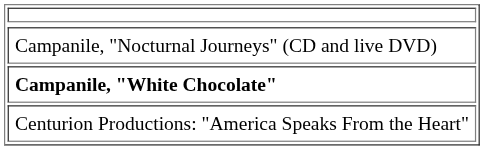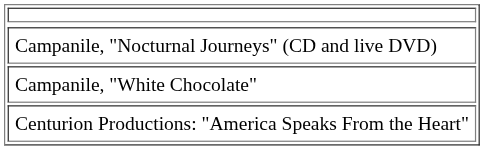 <table border="1" cellpadding="5" colspan="2">
 <tr>
 <th></th>
 </tr>
 <tr>
 </tr>
 <tr>
 <td>Campanile, "Nocturnal Journeys" (CD and live DVD)</td>
 </tr>
 <tr>
-<td><strong>Campanile, "White Chocolate"</strong></td>
+<td>Campanile, "White Chocolate"</td>
 </tr>
 <tr>
 <td>Centurion Productions: "America Speaks From the Heart"</td>
 </tr>
 </table>
